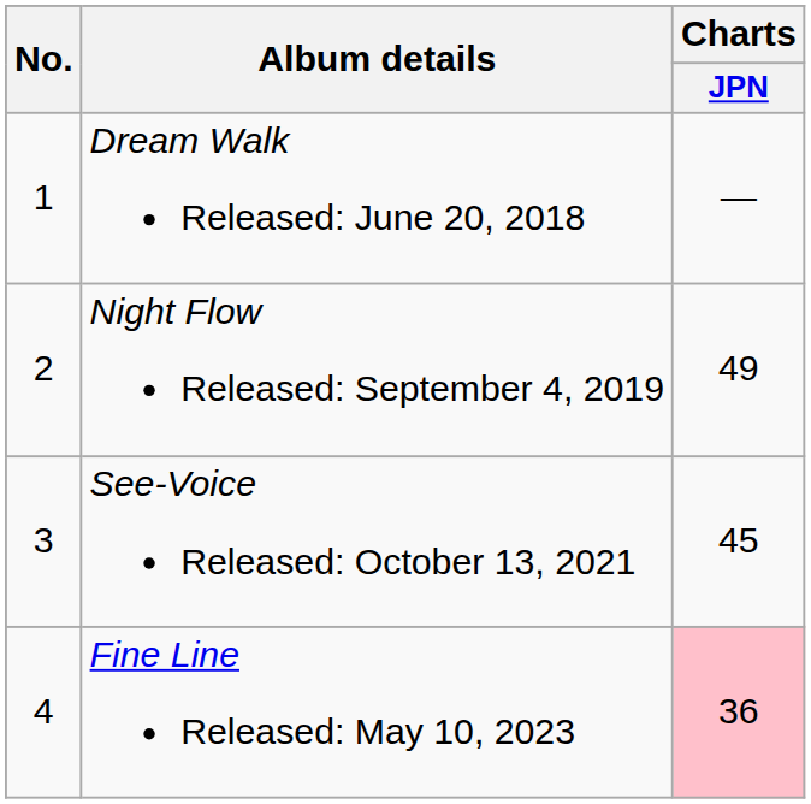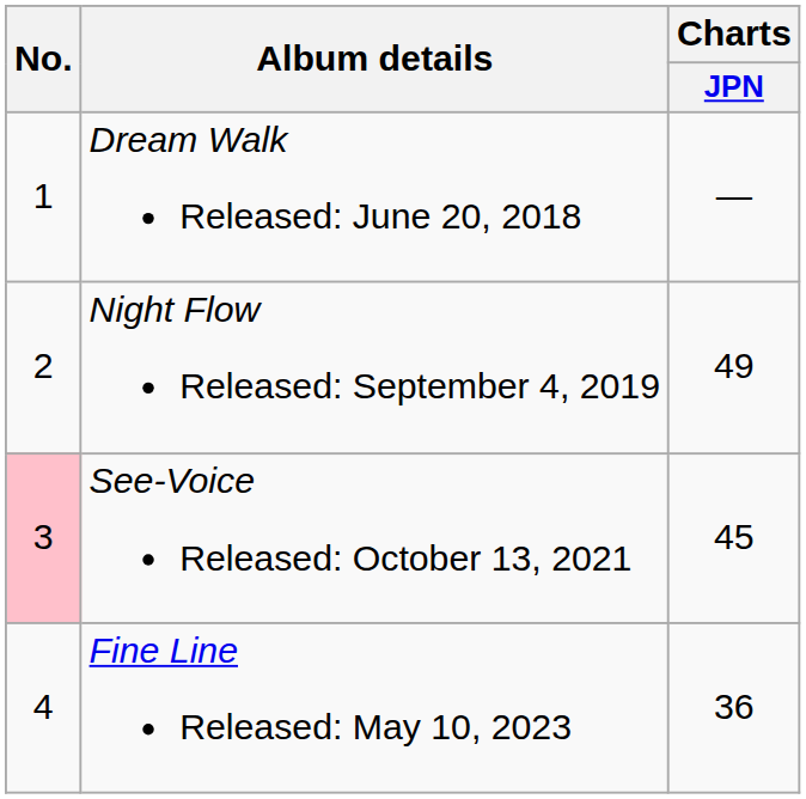 <table class="wikitable">
 <tr>
 <th rowspan="2">No.</th>
 <th rowspan="2">Album details</th>
 <th>Charts</th>
 </tr>
 <tr>
 <th style="width:3em;font-size:85%;"><a href='#'>JPN</a><br></th>
 </tr>
 <tr>
 <td align="center">1</td>
 <td><em>Dream Walk</em><br><ul><li>Released: June 20, 2018</li></ul></td>
 <td align="center">—</td>
 </tr>
 <tr>
 <td align="center">2</td>
 <td><em>Night Flow</em><br><ul><li>Released: September 4, 2019</li></ul></td>
 <td align="center">49</td>
 </tr>
 <tr>
-<td align="center">3</td>
+<td align="center" style="background: pink;">3</td>
 <td><em>See-Voice</em><br><ul><li>Released: October 13, 2021</li></ul></td>
 <td align="center">45</td>
 </tr>
 <tr>
 <td align="center">4</td>
 <td><em><a href='#'>Fine Line</a></em><br><ul><li>Released: May 10, 2023</li></ul></td>
-<td align="center" style="background: pink;">36</td>
+<td align="center">36</td>
 </tr>
 </table>
